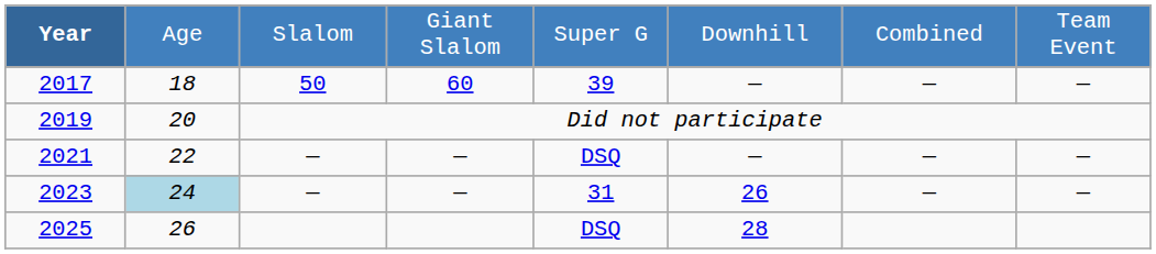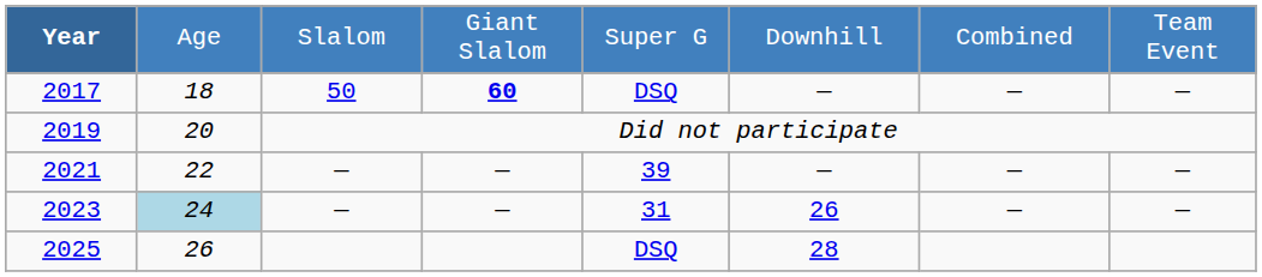 <table class="wikitable" style="font-size:95%; text-align:center; border:grey solid 1px; border-collapse:collapse;" width="50%">
 <tr style="background-color:#369; color:white;">
 <td rowspan="2" colspan="1" width="5%"><strong>Year</strong></td>
 </tr>
 <tr style="background-color:#4180be; color:white;">
 <td width="5%">Age</td>
 <td width="5%">Slalom</td>
 <td width="5%">Giant<br>Slalom</td>
 <td width="5%">Super G</td>
 <td width="5%">Downhill</td>
 <td width="5%">Combined</td>
 <td width="5%">Team Event</td>
 </tr>
 <tr style="background-color:#8CB2D8; color:white;">
 </tr>
 <tr>
 <td><a href='#'>2017</a></td>
 <td><em>18</em></td>
 <td><a href='#'>50</a></td>
-<td><a href='#'>60</a></td>
-<td><a href='#'>39</a></td>
+<td><strong><a href='#'>60</a></strong></td>
+<td><a href='#'>DSQ</a></td>
 <td>—</td>
 <td>—</td>
 <td>—</td>
 </tr>
 <tr>
 <td><a href='#'>2019</a></td>
 <td><em>20</em></td>
 <td colspan=6><em>Did not participate</em></td>
 </tr>
 <tr>
 <td><a href='#'>2021</a></td>
 <td><em>22</em></td>
 <td>—</td>
 <td>—</td>
-<td><a href='#'>DSQ</a></td>
+<td><a href='#'>39</a></td>
 <td>—</td>
 <td>—</td>
 <td>—</td>
 </tr>
 <tr>
 <td><a href='#'>2023</a></td>
 <td style="background: lightblue;"><em>24</em></td>
 <td>—</td>
 <td>—</td>
 <td><a href='#'>31</a></td>
 <td><a href='#'>26</a></td>
 <td>—</td>
 <td>—</td>
 </tr>
 <tr>
 <td><a href='#'>2025</a></td>
 <td><em>26</em></td>
 <td></td>
 <td></td>
 <td><a href='#'>DSQ</a></td>
 <td><a href='#'>28</a></td>
 <td></td>
 <td></td>
 </tr>
 </table>
